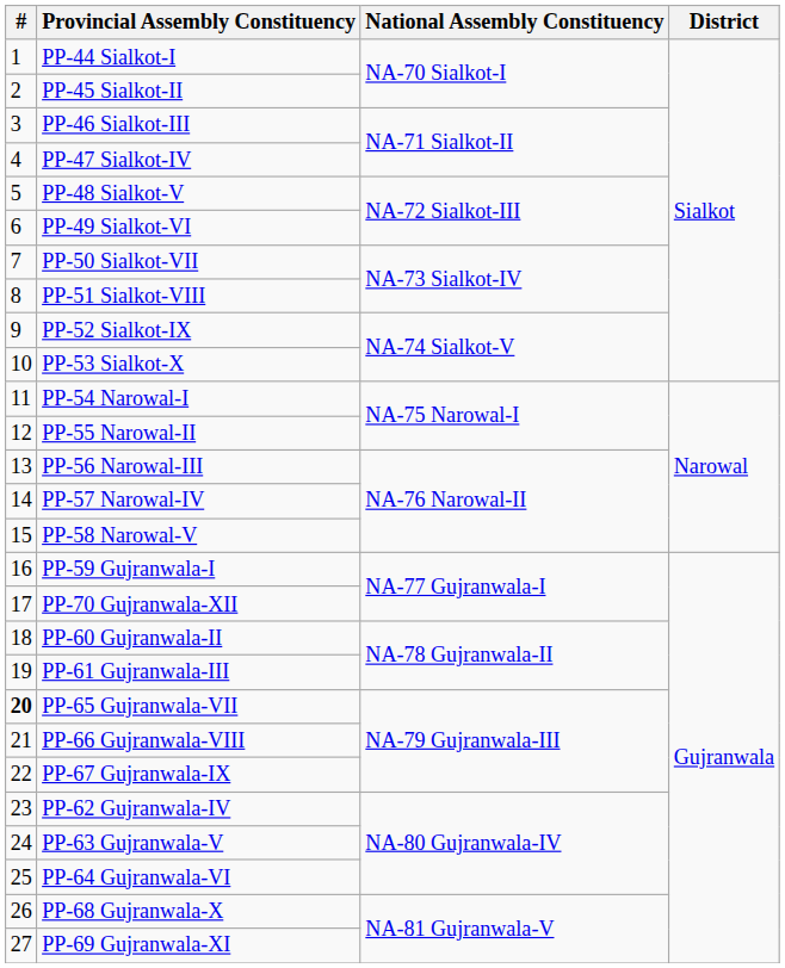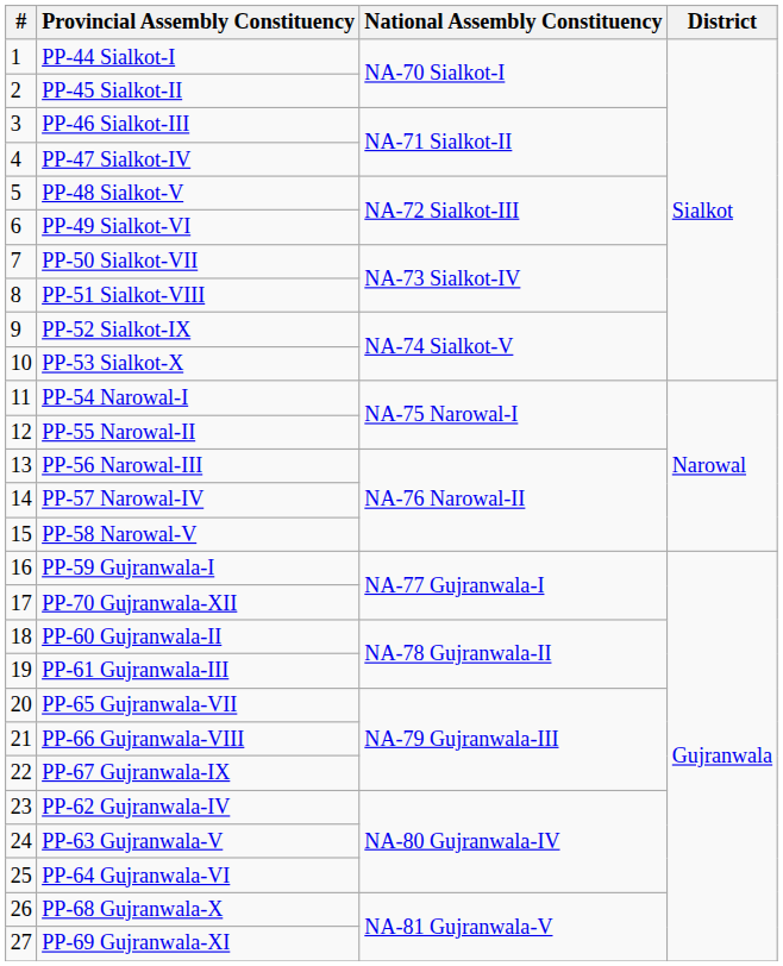 <table class="wikitable sortable">
 <tr>
 <th>#</th>
 <th>Provincial Assembly Constituency</th>
 <th>National Assembly Constituency</th>
 <th>District</th>
 </tr>
 <tr>
 <td>1</td>
 <td><a href='#'>PP-44 Sialkot-I</a></td>
 <td rowspan="2"><a href='#'>NA-70 Sialkot-I</a></td>
 <td rowspan="10"><a href='#'>Sialkot</a></td>
 </tr>
 <tr>
 <td>2</td>
 <td><a href='#'>PP-45 Sialkot-II</a></td>
 </tr>
 <tr>
 <td>3</td>
 <td><a href='#'>PP-46 Sialkot-III</a></td>
 <td rowspan="2"><a href='#'>NA-71 Sialkot-II</a></td>
 </tr>
 <tr>
 <td>4</td>
 <td><a href='#'>PP-47 Sialkot-IV</a></td>
 </tr>
 <tr>
 <td>5</td>
 <td><a href='#'>PP-48 Sialkot-V</a></td>
 <td rowspan="2"><a href='#'>NA-72 Sialkot-III</a></td>
 </tr>
 <tr>
 <td>6</td>
 <td><a href='#'>PP-49 Sialkot-VI</a></td>
 </tr>
 <tr>
 <td>7</td>
 <td><a href='#'>PP-50 Sialkot-VII</a></td>
 <td rowspan="2"><a href='#'>NA-73 Sialkot-IV</a></td>
 </tr>
 <tr>
 <td>8</td>
 <td><a href='#'>PP-51 Sialkot-VIII</a></td>
 </tr>
 <tr>
 <td>9</td>
 <td><a href='#'>PP-52 Sialkot-IX</a></td>
 <td rowspan="2"><a href='#'>NA-74 Sialkot-V</a></td>
 </tr>
 <tr>
 <td>10</td>
 <td><a href='#'>PP-53 Sialkot-X</a></td>
 </tr>
 <tr>
 <td>11</td>
 <td><a href='#'>PP-54 Narowal-I</a></td>
 <td rowspan="2"><a href='#'>NA-75 Narowal-I</a></td>
 <td rowspan="5"><a href='#'>Narowal</a></td>
 </tr>
 <tr>
 <td>12</td>
 <td><a href='#'>PP-55 Narowal-II</a></td>
 </tr>
 <tr>
 <td>13</td>
 <td><a href='#'>PP-56 Narowal-III</a></td>
 <td rowspan="3"><a href='#'>NA-76 Narowal-II</a></td>
 </tr>
 <tr>
 <td>14</td>
 <td><a href='#'>PP-57 Narowal-IV</a></td>
 </tr>
 <tr>
 <td>15</td>
 <td><a href='#'>PP-58 Narowal-V</a></td>
 </tr>
 <tr>
 <td>16</td>
 <td><a href='#'>PP-59 Gujranwala-I</a></td>
 <td rowspan="2"><a href='#'>NA-77 Gujranwala-I</a></td>
 <td rowspan="12"><a href='#'>Gujranwala</a></td>
 </tr>
 <tr>
 <td>17</td>
 <td><a href='#'>PP-70 Gujranwala-XII</a></td>
 </tr>
 <tr>
 <td>18</td>
 <td><a href='#'>PP-60 Gujranwala-II</a></td>
 <td rowspan="2"><a href='#'>NA-78 Gujranwala-II</a></td>
 </tr>
 <tr>
 <td>19</td>
 <td><a href='#'>PP-61 Gujranwala-III</a></td>
 </tr>
 <tr>
-<td><strong>20</strong></td>
+<td>20</td>
 <td><a href='#'>PP-65 Gujranwala-VII</a></td>
 <td rowspan="3"><a href='#'>NA-79 Gujranwala-III</a></td>
 </tr>
 <tr>
 <td>21</td>
 <td><a href='#'>PP-66 Gujranwala-VIII</a></td>
 </tr>
 <tr>
 <td>22</td>
 <td><a href='#'>PP-67 Gujranwala-IX</a></td>
 </tr>
 <tr>
 <td>23</td>
 <td><a href='#'>PP-62 Gujranwala-IV</a></td>
 <td rowspan="3"><a href='#'>NA-80 Gujranwala-IV</a></td>
 </tr>
 <tr>
 <td>24</td>
 <td><a href='#'>PP-63 Gujranwala-V</a></td>
 </tr>
 <tr>
 <td>25</td>
 <td><a href='#'>PP-64 Gujranwala-VI</a></td>
 </tr>
 <tr>
 <td>26</td>
 <td><a href='#'>PP-68 Gujranwala-X</a></td>
 <td rowspan="2"><a href='#'>NA-81 Gujranwala-V</a></td>
 </tr>
 <tr>
 <td>27</td>
 <td><a href='#'>PP-69 Gujranwala-XI</a></td>
 </tr>
 </table>
